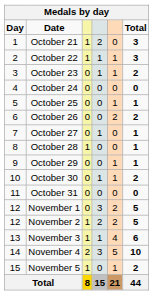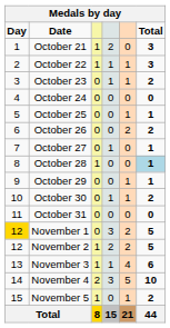 <table class=wikitable style="font-size:85%; float:right;text-align:center">
 <tr>
 <th colspan=7>Medals by day</th>
 </tr>
 <tr>
 <td><strong>Day</strong></td>
 <td><strong>Date</strong></td>
 <td bgcolor=F7F6A8></td>
 <td bgcolor=DCE5E5></td>
 <td bgcolor=FFDAB9></td>
 <td><strong>Total</strong></td>
 </tr>
 <tr>
 <td>1</td>
 <td>October 21</td>
 <td bgcolor=F7F6A8>1</td>
 <td bgcolor=DCE5E5>2</td>
 <td bgcolor=FFDAB9>0</td>
 <td><strong>3</strong></td>
 </tr>
 <tr>
 <td>2</td>
 <td>October 22</td>
 <td bgcolor=F7F6A8>1</td>
 <td bgcolor=DCE5E5>1</td>
 <td bgcolor=FFDAB9>1</td>
 <td><strong>3</strong></td>
 </tr>
 <tr>
 <td>3</td>
 <td>October 23</td>
 <td bgcolor=F7F6A8>0</td>
 <td bgcolor=DCE5E5>1</td>
 <td bgcolor=FFDAB9>1</td>
 <td><strong>2</strong></td>
 </tr>
 <tr>
 <td>4</td>
 <td>October 24</td>
 <td bgcolor=F7F6A8>0</td>
 <td bgcolor=DCE5E5>0</td>
 <td bgcolor=FFDAB9>0</td>
 <td><strong>0</strong></td>
 </tr>
 <tr>
 <td>5</td>
 <td>October 25</td>
 <td bgcolor=F7F6A8>0</td>
 <td bgcolor=DCE5E5>0</td>
 <td bgcolor=FFDAB9>1</td>
 <td><strong>1</strong></td>
 </tr>
 <tr>
 <td>6</td>
 <td>October 26</td>
 <td bgcolor=F7F6A8>0</td>
 <td bgcolor=DCE5E5>0</td>
 <td bgcolor=FFDAB9>2</td>
 <td><strong>2</strong></td>
 </tr>
 <tr>
 <td>7</td>
 <td>October 27</td>
 <td bgcolor=F7F6A8>0</td>
 <td bgcolor=DCE5E5>1</td>
 <td bgcolor=FFDAB9>0</td>
 <td><strong>1</strong></td>
 </tr>
 <tr>
 <td>8</td>
 <td>October 28</td>
 <td bgcolor=F7F6A8>1</td>
 <td bgcolor=DCE5E5>0</td>
 <td bgcolor=FFDAB9>0</td>
-<td><strong>1</strong></td>
+<td style="background: lightblue;"><strong>1</strong></td>
 </tr>
 <tr>
 <td>9</td>
 <td>October 29</td>
 <td bgcolor=F7F6A8>0</td>
 <td bgcolor=DCE5E5>0</td>
 <td bgcolor=FFDAB9>1</td>
 <td><strong>1</strong></td>
 </tr>
 <tr>
 <td>10</td>
 <td>October 30</td>
 <td bgcolor=F7F6A8>0</td>
 <td bgcolor=DCE5E5>1</td>
 <td bgcolor=FFDAB9>1</td>
 <td><strong>2</strong></td>
 </tr>
 <tr>
 <td>11</td>
 <td>October 31</td>
 <td bgcolor=F7F6A8>0</td>
 <td bgcolor=DCE5E5>0</td>
 <td bgcolor=FFDAB9>0</td>
 <td><strong>0</strong></td>
 </tr>
 <tr>
-<td>12</td>
+<td style="background: gold;">12</td>
 <td>November 1</td>
 <td bgcolor=F7F6A8>0</td>
 <td bgcolor=DCE5E5>3</td>
 <td bgcolor=FFDAB9>2</td>
 <td><strong>5</strong></td>
 </tr>
 <tr>
 <td>12</td>
 <td>November 2</td>
 <td bgcolor=F7F6A8>1</td>
 <td bgcolor=DCE5E5>2</td>
 <td bgcolor=FFDAB9>2</td>
 <td><strong>5</strong></td>
 </tr>
 <tr>
 <td>13</td>
 <td>November 3</td>
 <td bgcolor=F7F6A8>1</td>
 <td bgcolor=DCE5E5>1</td>
 <td bgcolor=FFDAB9>4</td>
 <td><strong>6</strong></td>
 </tr>
 <tr>
 <td>14</td>
 <td>November 4</td>
 <td bgcolor=F7F6A8>2</td>
 <td bgcolor=DCE5E5>3</td>
 <td bgcolor=FFDAB9>5</td>
 <td><strong>10</strong></td>
 </tr>
 <tr>
 <td>15</td>
 <td>November 5</td>
 <td bgcolor=F7F6A8>1</td>
 <td bgcolor=DCE5E5>0</td>
 <td bgcolor=FFDAB9>1</td>
 <td><strong>2</strong></td>
 </tr>
 <tr>
 <th colspan=2>Total</th>
 <th style=background:gold>8</th>
 <th style=background:silver>15</th>
 <th style=background:#C96>21</th>
 <th>44</th>
 </tr>
 </table>
